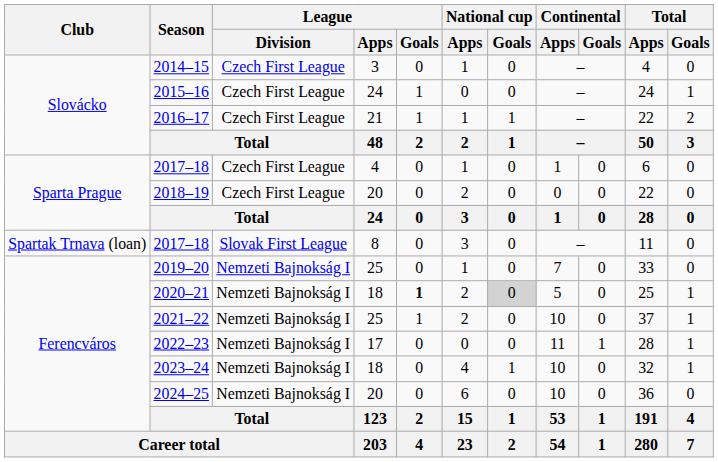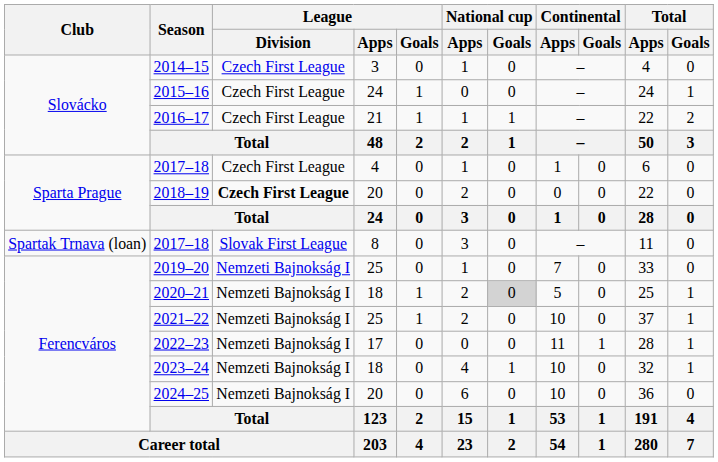 <table class="wikitable" style="text-align:center">
 <tr>
 <th rowspan=2>Club</th>
 <th rowspan=2>Season</th>
 <th colspan=3>League</th>
 <th colspan=2>National cup</th>
 <th colspan=2>Continental</th>
 <th colspan=2>Total</th>
 </tr>
 <tr>
 <th>Division</th>
 <th>Apps</th>
 <th>Goals</th>
 <th>Apps</th>
 <th>Goals</th>
 <th>Apps</th>
 <th>Goals</th>
 <th>Apps</th>
 <th>Goals</th>
 </tr>
 <tr>
 <td rowspan=4><a href='#'>Slovácko</a></td>
 <td><a href='#'>2014–15</a></td>
 <td><a href='#'>Czech First League</a></td>
 <td>3</td>
 <td>0</td>
 <td>1</td>
 <td>0</td>
 <td colspan=2>–</td>
 <td>4</td>
 <td>0</td>
 </tr>
 <tr>
 <td><a href='#'>2015–16</a></td>
 <td>Czech First League</td>
 <td>24</td>
 <td>1</td>
 <td>0</td>
 <td>0</td>
 <td colspan=2>–</td>
 <td>24</td>
 <td>1</td>
 </tr>
 <tr>
 <td><a href='#'>2016–17</a></td>
 <td>Czech First League</td>
 <td>21</td>
 <td>1</td>
 <td>1</td>
 <td>1</td>
 <td colspan=2>–</td>
 <td>22</td>
 <td>2</td>
 </tr>
 <tr>
 <th colspan=2>Total</th>
 <th>48</th>
 <th>2</th>
 <th>2</th>
 <th>1</th>
 <th colspan=2>–</th>
 <th>50</th>
 <th>3</th>
 </tr>
 <tr>
 <td rowspan=3><a href='#'>Sparta Prague</a></td>
 <td><a href='#'>2017–18</a></td>
 <td>Czech First League</td>
 <td>4</td>
 <td>0</td>
 <td>1</td>
 <td>0</td>
 <td>1</td>
 <td>0</td>
 <td>6</td>
 <td>0</td>
 </tr>
 <tr>
 <td><a href='#'>2018–19</a></td>
-<td>Czech First League</td>
+<td><strong>Czech First League</strong></td>
 <td>20</td>
 <td>0</td>
 <td>2</td>
 <td>0</td>
 <td>0</td>
 <td>0</td>
 <td>22</td>
 <td>0</td>
 </tr>
 <tr>
 <th colspan=2>Total</th>
 <th>24</th>
 <th>0</th>
 <th>3</th>
 <th>0</th>
 <th>1</th>
 <th>0</th>
 <th>28</th>
 <th>0</th>
 </tr>
 <tr>
 <td><a href='#'>Spartak Trnava</a> (loan)</td>
 <td><a href='#'>2017–18</a></td>
 <td><a href='#'>Slovak First League</a></td>
 <td>8</td>
 <td>0</td>
 <td>3</td>
 <td>0</td>
 <td colspan=2>–</td>
 <td>11</td>
 <td>0</td>
 </tr>
 <tr>
 <td rowspan=7><a href='#'>Ferencváros</a></td>
 <td><a href='#'>2019–20</a></td>
 <td><a href='#'>Nemzeti Bajnokság I</a></td>
 <td>25</td>
 <td>0</td>
 <td>1</td>
 <td>0</td>
 <td>7</td>
 <td>0</td>
 <td>33</td>
 <td>0</td>
 </tr>
 <tr>
 <td><a href='#'>2020–21</a></td>
 <td>Nemzeti Bajnokság I</td>
 <td>18</td>
-<td><strong>1</strong></td>
+<td>1</td>
 <td>2</td>
 <td style="background: lightgrey;">0</td>
 <td>5</td>
 <td>0</td>
 <td>25</td>
 <td>1</td>
 </tr>
 <tr>
 <td><a href='#'>2021–22</a></td>
 <td>Nemzeti Bajnokság I</td>
 <td>25</td>
 <td>1</td>
 <td>2</td>
 <td>0</td>
 <td>10</td>
 <td>0</td>
 <td>37</td>
 <td>1</td>
 </tr>
 <tr>
 <td><a href='#'>2022–23</a></td>
 <td>Nemzeti Bajnokság I</td>
 <td>17</td>
 <td>0</td>
 <td>0</td>
 <td>0</td>
 <td>11</td>
 <td>1</td>
 <td>28</td>
 <td>1</td>
 </tr>
 <tr>
 <td><a href='#'>2023–24</a></td>
 <td>Nemzeti Bajnokság I</td>
 <td>18</td>
 <td>0</td>
 <td>4</td>
 <td>1</td>
 <td>10</td>
 <td>0</td>
 <td>32</td>
 <td>1</td>
 </tr>
 <tr>
 <td><a href='#'>2024–25</a></td>
 <td>Nemzeti Bajnokság I</td>
 <td>20</td>
 <td>0</td>
 <td>6</td>
 <td>0</td>
 <td>10</td>
 <td>0</td>
 <td>36</td>
 <td>0</td>
 </tr>
 <tr>
 <th colspan=2>Total</th>
 <th>123</th>
 <th>2</th>
 <th>15</th>
 <th>1</th>
 <th>53</th>
 <th>1</th>
 <th>191</th>
 <th>4</th>
 </tr>
 <tr>
 <th colspan=3>Career total</th>
 <th>203</th>
 <th>4</th>
 <th>23</th>
 <th>2</th>
 <th>54</th>
 <th>1</th>
 <th>280</th>
 <th>7</th>
 </tr>
 </table>
